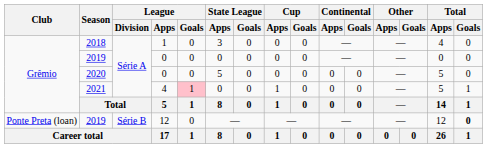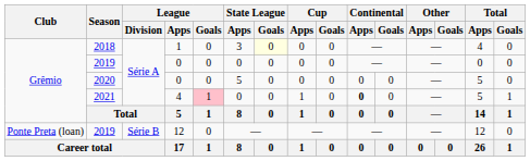 <table class="wikitable" style="text-align: center">
 <tr>
 <th rowspan="2">Club</th>
 <th rowspan="2">Season</th>
 <th colspan="3">League</th>
 <th colspan="2">State League</th>
 <th colspan="2">Cup</th>
 <th colspan="2">Continental</th>
 <th colspan="2">Other</th>
 <th colspan="2">Total</th>
 </tr>
 <tr>
 <th>Division</th>
 <th>Apps</th>
 <th>Goals</th>
 <th>Apps</th>
 <th>Goals</th>
 <th>Apps</th>
 <th>Goals</th>
 <th>Apps</th>
 <th>Goals</th>
 <th>Apps</th>
 <th>Goals</th>
 <th>Apps</th>
 <th>Goals</th>
 </tr>
 <tr>
 <td rowspan="5"><a href='#'>Grêmio</a></td>
 <td><a href='#'>2018</a></td>
 <td rowspan="4"><a href='#'>Série A</a></td>
 <td>1</td>
 <td>0</td>
 <td>3</td>
-<td>0</td>
+<td style="background: lightyellow;">0</td>
 <td>0</td>
 <td>0</td>
 <td colspan="2">—</td>
 <td colspan="2">—</td>
 <td>4</td>
 <td>0</td>
 </tr>
 <tr>
 <td><a href='#'>2019</a></td>
 <td>0</td>
 <td>0</td>
 <td>0</td>
 <td>0</td>
 <td>0</td>
 <td>0</td>
 <td colspan="2">—</td>
 <td colspan="2">—</td>
 <td>0</td>
 <td>0</td>
 </tr>
 <tr>
 <td><a href='#'>2020</a></td>
 <td>0</td>
 <td>0</td>
 <td>5</td>
 <td>0</td>
 <td>0</td>
 <td>0</td>
 <td>0</td>
 <td>0</td>
 <td colspan="2">—</td>
 <td>5</td>
 <td>0</td>
 </tr>
 <tr>
 <td><a href='#'>2021</a></td>
 <td>4</td>
 <td style="background: pink;">1</td>
 <td>0</td>
 <td>0</td>
 <td>1</td>
 <td>0</td>
-<td>0</td>
+<td><strong>0</strong></td>
 <td>0</td>
 <td colspan="2">—</td>
 <td>5</td>
 <td>1</td>
 </tr>
 <tr>
 <th colspan="2">Total</th>
 <th>5</th>
 <th>1</th>
 <th>8</th>
 <th>0</th>
 <th>1</th>
 <th>0</th>
 <th>0</th>
 <th>0</th>
 <th colspan="2">—</th>
 <th>14</th>
 <th>1</th>
 </tr>
 <tr>
 <td><a href='#'>Ponte Preta</a> (loan)</td>
 <td><a href='#'>2019</a></td>
 <td><a href='#'>Série B</a></td>
 <td>12</td>
 <td>0</td>
 <td colspan="2">—</td>
 <td colspan="2">—</td>
 <td colspan="2">—</td>
 <td colspan="2">—</td>
 <td>12</td>
-<td><strong>0</strong></td>
+<td>0</td>
 </tr>
 <tr>
 <th colspan="3"><strong>Career total</strong></th>
 <th>17</th>
 <th>1</th>
 <th>8</th>
 <th>0</th>
 <th>1</th>
 <th>0</th>
 <th>0</th>
 <th>0</th>
 <th>0</th>
 <th>0</th>
 <th>26</th>
 <th>1</th>
 </tr>
 </table>
